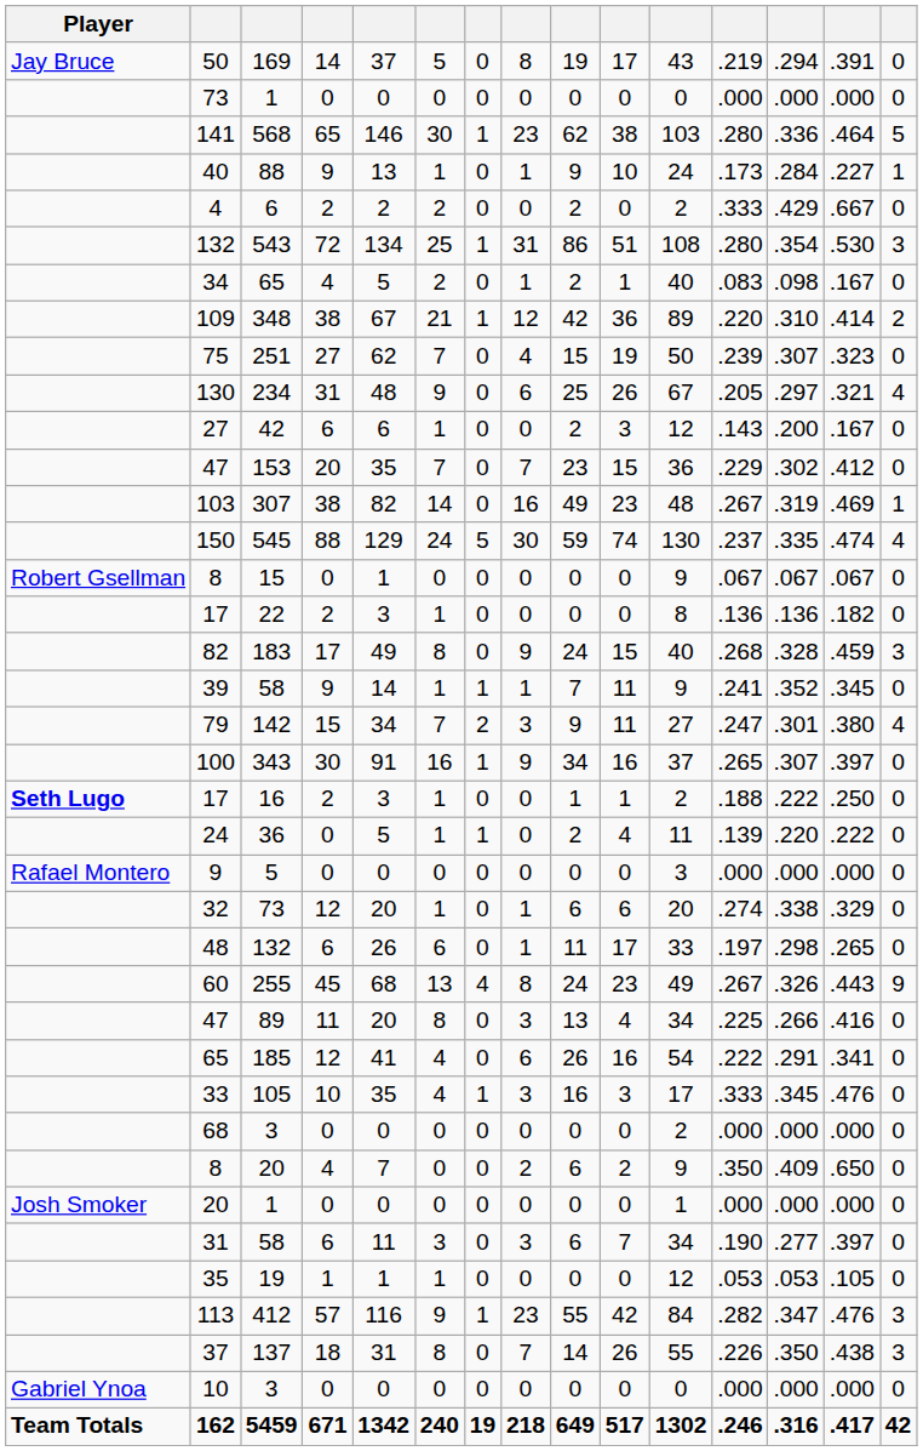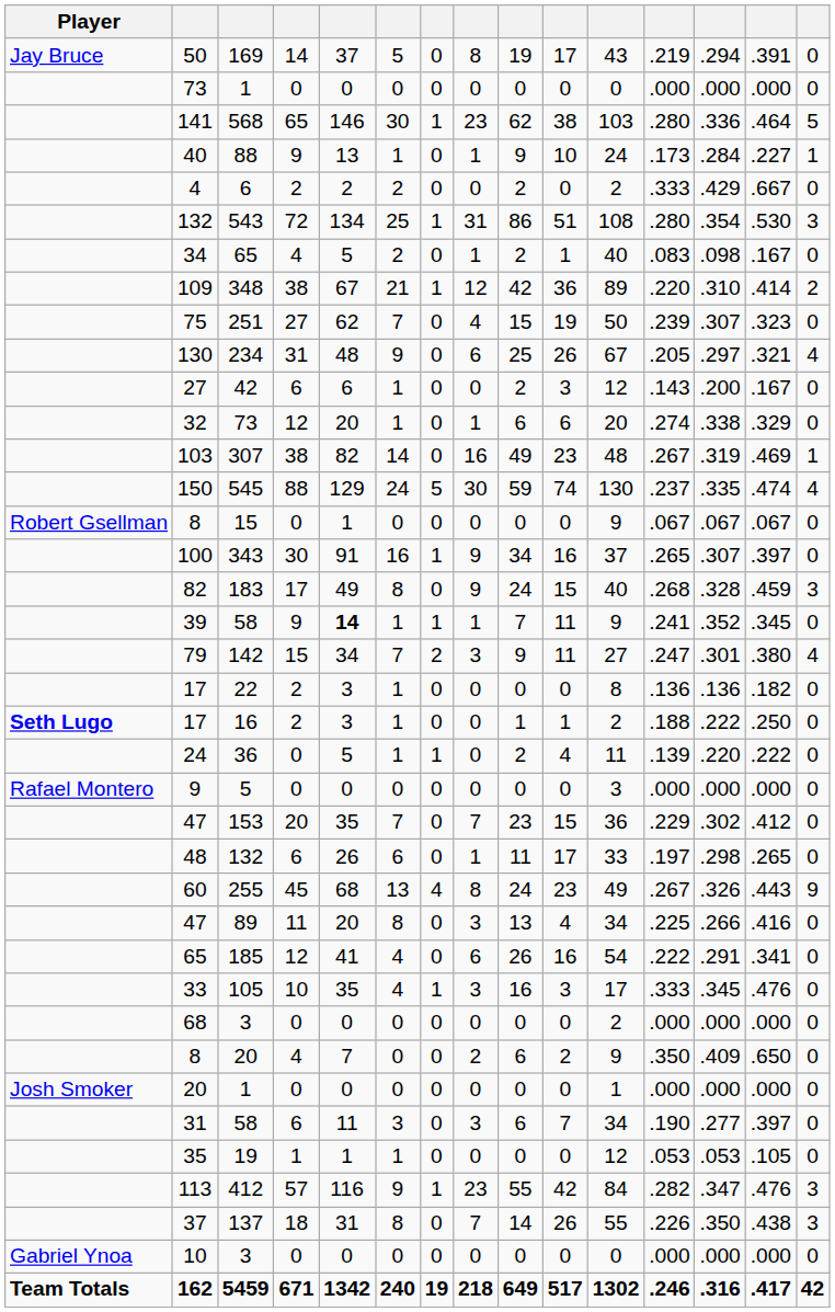 <table class="wikitable sortable" style="text-align:center;">
 <tr>
 <th>Player</th>
 <th></th>
 <th></th>
 <th></th>
 <th></th>
 <th></th>
 <th></th>
 <th></th>
 <th></th>
 <th></th>
 <th></th>
 <th></th>
 <th></th>
 <th></th>
 <th></th>
 </tr>
 <tr>
 <td align=left><a href='#'>Jay Bruce</a></td>
 <td>50</td>
 <td>169</td>
 <td>14</td>
 <td>37</td>
 <td>5</td>
 <td>0</td>
 <td>8</td>
 <td>19</td>
 <td>17</td>
 <td>43</td>
 <td>.219</td>
 <td>.294</td>
 <td>.391</td>
 <td>0</td>
 </tr>
 <tr>
 <td align=left></td>
 <td>73</td>
 <td>1</td>
 <td>0</td>
 <td>0</td>
 <td>0</td>
 <td>0</td>
 <td>0</td>
 <td>0</td>
 <td>0</td>
 <td>0</td>
 <td>.000</td>
 <td>.000</td>
 <td>.000</td>
 <td>0</td>
 </tr>
 <tr>
 <td align=left></td>
 <td>141</td>
 <td>568</td>
 <td>65</td>
 <td>146</td>
 <td>30</td>
 <td>1</td>
 <td>23</td>
 <td>62</td>
 <td>38</td>
 <td>103</td>
 <td>.280</td>
 <td>.336</td>
 <td>.464</td>
 <td>5</td>
 </tr>
 <tr>
 <td align=left></td>
 <td>40</td>
 <td>88</td>
 <td>9</td>
 <td>13</td>
 <td>1</td>
 <td>0</td>
 <td>1</td>
 <td>9</td>
 <td>10</td>
 <td>24</td>
 <td>.173</td>
 <td>.284</td>
 <td>.227</td>
 <td>1</td>
 </tr>
 <tr>
 <td align=left></td>
 <td>4</td>
 <td>6</td>
 <td>2</td>
 <td>2</td>
 <td>2</td>
 <td>0</td>
 <td>0</td>
 <td>2</td>
 <td>0</td>
 <td>2</td>
 <td>.333</td>
 <td>.429</td>
 <td>.667</td>
 <td>0</td>
 </tr>
 <tr>
 <td align=left></td>
 <td>132</td>
 <td>543</td>
 <td>72</td>
 <td>134</td>
 <td>25</td>
 <td>1</td>
 <td>31</td>
 <td>86</td>
 <td>51</td>
 <td>108</td>
 <td>.280</td>
 <td>.354</td>
 <td>.530</td>
 <td>3</td>
 </tr>
 <tr>
 <td align=left></td>
 <td>34</td>
 <td>65</td>
 <td>4</td>
 <td>5</td>
 <td>2</td>
 <td>0</td>
 <td>1</td>
 <td>2</td>
 <td>1</td>
 <td>40</td>
 <td>.083</td>
 <td>.098</td>
 <td>.167</td>
 <td>0</td>
 </tr>
 <tr>
 <td align=left><strong></strong></td>
 <td>109</td>
 <td>348</td>
 <td>38</td>
 <td>67</td>
 <td>21</td>
 <td>1</td>
 <td>12</td>
 <td>42</td>
 <td>36</td>
 <td>89</td>
 <td>.220</td>
 <td>.310</td>
 <td>.414</td>
 <td>2</td>
 </tr>
 <tr>
 <td align=left><strong></strong></td>
 <td>75</td>
 <td>251</td>
 <td>27</td>
 <td>62</td>
 <td>7</td>
 <td>0</td>
 <td>4</td>
 <td>15</td>
 <td>19</td>
 <td>50</td>
 <td>.239</td>
 <td>.307</td>
 <td>.323</td>
 <td>0</td>
 </tr>
 <tr>
 <td align=left></td>
 <td>130</td>
 <td>234</td>
 <td>31</td>
 <td>48</td>
 <td>9</td>
 <td>0</td>
 <td>6</td>
 <td>25</td>
 <td>26</td>
 <td>67</td>
 <td>.205</td>
 <td>.297</td>
 <td>.321</td>
 <td>4</td>
 </tr>
 <tr>
 <td align=left><strong></strong></td>
 <td>27</td>
 <td>42</td>
 <td>6</td>
 <td>6</td>
 <td>1</td>
 <td>0</td>
 <td>0</td>
 <td>2</td>
 <td>3</td>
 <td>12</td>
 <td>.143</td>
 <td>.200</td>
 <td>.167</td>
 <td>0</td>
 </tr>
 <tr>
-<td align=left></td>
-<td>47</td>
-<td>153</td>
+<td align=left><strong></strong></td>
+<td>32</td>
+<td>73</td>
+<td>12</td>
 <td>20</td>
-<td>35</td>
-<td>7</td>
+<td>1</td>
 <td>0</td>
-<td>7</td>
-<td>23</td>
-<td>15</td>
-<td>36</td>
-<td>.229</td>
-<td>.302</td>
-<td>.412</td>
+<td>1</td>
+<td>6</td>
+<td>6</td>
+<td>20</td>
+<td>.274</td>
+<td>.338</td>
+<td>.329</td>
 <td>0</td>
 </tr>
 <tr>
 <td align=left><strong></strong></td>
 <td>103</td>
 <td>307</td>
 <td>38</td>
 <td>82</td>
 <td>14</td>
 <td>0</td>
 <td>16</td>
 <td>49</td>
 <td>23</td>
 <td>48</td>
 <td>.267</td>
 <td>.319</td>
 <td>.469</td>
 <td>1</td>
 </tr>
 <tr>
 <td align=left></td>
 <td>150</td>
 <td>545</td>
 <td>88</td>
 <td>129</td>
 <td>24</td>
 <td>5</td>
 <td>30</td>
 <td>59</td>
 <td>74</td>
 <td>130</td>
 <td>.237</td>
 <td>.335</td>
 <td>.474</td>
 <td>4</td>
 </tr>
 <tr>
 <td align=left><a href='#'>Robert Gsellman</a></td>
 <td>8</td>
 <td>15</td>
 <td>0</td>
 <td>1</td>
 <td>0</td>
 <td>0</td>
 <td>0</td>
 <td>0</td>
 <td>0</td>
 <td>9</td>
 <td>.067</td>
 <td>.067</td>
 <td>.067</td>
 <td>0</td>
 </tr>
 <tr>
 <td align=left></td>
-<td>17</td>
-<td>22</td>
-<td>2</td>
-<td>3</td>
+<td>100</td>
+<td>343</td>
+<td>30</td>
+<td>91</td>
+<td>16</td>
 <td>1</td>
-<td>0</td>
-<td>0</td>
-<td>0</td>
-<td>0</td>
-<td>8</td>
-<td>.136</td>
-<td>.136</td>
-<td>.182</td>
+<td>9</td>
+<td>34</td>
+<td>16</td>
+<td>37</td>
+<td>.265</td>
+<td>.307</td>
+<td>.397</td>
 <td>0</td>
 </tr>
 <tr>
 <td align=left></td>
 <td>82</td>
 <td>183</td>
 <td>17</td>
 <td>49</td>
 <td>8</td>
 <td>0</td>
 <td>9</td>
 <td>24</td>
 <td>15</td>
 <td>40</td>
 <td>.268</td>
 <td>.328</td>
 <td>.459</td>
 <td>3</td>
 </tr>
 <tr>
 <td align=left></td>
 <td>39</td>
 <td>58</td>
 <td>9</td>
-<td>14</td>
+<td><strong>14</strong></td>
 <td>1</td>
 <td>1</td>
 <td>1</td>
 <td>7</td>
 <td>11</td>
 <td>9</td>
 <td>.241</td>
 <td>.352</td>
 <td>.345</td>
 <td>0</td>
 </tr>
 <tr>
 <td align=left><strong></strong></td>
 <td>79</td>
 <td>142</td>
 <td>15</td>
 <td>34</td>
 <td>7</td>
 <td>2</td>
 <td>3</td>
 <td>9</td>
 <td>11</td>
 <td>27</td>
 <td>.247</td>
 <td>.301</td>
 <td>.380</td>
 <td>4</td>
 </tr>
 <tr>
 <td align=left></td>
-<td>100</td>
-<td>343</td>
-<td>30</td>
-<td>91</td>
-<td>16</td>
+<td>17</td>
+<td>22</td>
+<td>2</td>
+<td>3</td>
 <td>1</td>
-<td>9</td>
-<td>34</td>
-<td>16</td>
-<td>37</td>
-<td>.265</td>
-<td>.307</td>
-<td>.397</td>
+<td>0</td>
+<td>0</td>
+<td>0</td>
+<td>0</td>
+<td>8</td>
+<td>.136</td>
+<td>.136</td>
+<td>.182</td>
 <td>0</td>
 </tr>
 <tr>
 <td align=left><strong><a href='#'>Seth Lugo</a></strong></td>
 <td>17</td>
 <td>16</td>
 <td>2</td>
 <td>3</td>
 <td>1</td>
 <td>0</td>
 <td>0</td>
 <td>1</td>
 <td>1</td>
 <td>2</td>
 <td>.188</td>
 <td>.222</td>
 <td>.250</td>
 <td>0</td>
 </tr>
 <tr>
 <td align=left><strong></strong></td>
 <td>24</td>
 <td>36</td>
 <td>0</td>
 <td>5</td>
 <td>1</td>
 <td>1</td>
 <td>0</td>
 <td>2</td>
 <td>4</td>
 <td>11</td>
 <td>.139</td>
 <td>.220</td>
 <td>.222</td>
 <td>0</td>
 </tr>
 <tr>
 <td align=left><a href='#'>Rafael Montero</a></td>
 <td>9</td>
 <td>5</td>
 <td>0</td>
 <td>0</td>
 <td>0</td>
 <td>0</td>
 <td>0</td>
 <td>0</td>
 <td>0</td>
 <td>3</td>
 <td>.000</td>
 <td>.000</td>
 <td>.000</td>
 <td>0</td>
 </tr>
 <tr>
-<td align=left><strong></strong></td>
-<td>32</td>
-<td>73</td>
-<td>12</td>
+<td align=left></td>
+<td>47</td>
+<td>153</td>
 <td>20</td>
-<td>1</td>
+<td>35</td>
+<td>7</td>
 <td>0</td>
-<td>1</td>
-<td>6</td>
-<td>6</td>
-<td>20</td>
-<td>.274</td>
-<td>.338</td>
-<td>.329</td>
+<td>7</td>
+<td>23</td>
+<td>15</td>
+<td>36</td>
+<td>.229</td>
+<td>.302</td>
+<td>.412</td>
 <td>0</td>
 </tr>
 <tr>
 <td align=left><strong></strong></td>
 <td>48</td>
 <td>132</td>
 <td>6</td>
 <td>26</td>
 <td>6</td>
 <td>0</td>
 <td>1</td>
 <td>11</td>
 <td>17</td>
 <td>33</td>
 <td>.197</td>
 <td>.298</td>
 <td>.265</td>
 <td>0</td>
 </tr>
 <tr>
 <td align=left></td>
 <td>60</td>
 <td>255</td>
 <td>45</td>
 <td>68</td>
 <td>13</td>
 <td>4</td>
 <td>8</td>
 <td>24</td>
 <td>23</td>
 <td>49</td>
 <td>.267</td>
 <td>.326</td>
 <td>.443</td>
 <td>9</td>
 </tr>
 <tr>
 <td align=left></td>
 <td>47</td>
 <td>89</td>
 <td>11</td>
 <td>20</td>
 <td>8</td>
 <td>0</td>
 <td>3</td>
 <td>13</td>
 <td>4</td>
 <td>34</td>
 <td>.225</td>
 <td>.266</td>
 <td>.416</td>
 <td>0</td>
 </tr>
 <tr>
 <td align=left></td>
 <td>65</td>
 <td>185</td>
 <td>12</td>
 <td>41</td>
 <td>4</td>
 <td>0</td>
 <td>6</td>
 <td>26</td>
 <td>16</td>
 <td>54</td>
 <td>.222</td>
 <td>.291</td>
 <td>.341</td>
 <td>0</td>
 </tr>
 <tr>
 <td align=left></td>
 <td>33</td>
 <td>105</td>
 <td>10</td>
 <td>35</td>
 <td>4</td>
 <td>1</td>
 <td>3</td>
 <td>16</td>
 <td>3</td>
 <td>17</td>
 <td>.333</td>
 <td>.345</td>
 <td>.476</td>
 <td>0</td>
 </tr>
 <tr>
 <td align=left></td>
 <td>68</td>
 <td>3</td>
 <td>0</td>
 <td>0</td>
 <td>0</td>
 <td>0</td>
 <td>0</td>
 <td>0</td>
 <td>0</td>
 <td>2</td>
 <td>.000</td>
 <td>.000</td>
 <td>.000</td>
 <td>0</td>
 </tr>
 <tr>
 <td align=left></td>
 <td>8</td>
 <td>20</td>
 <td>4</td>
 <td>7</td>
 <td>0</td>
 <td>0</td>
 <td>2</td>
 <td>6</td>
 <td>2</td>
 <td>9</td>
 <td>.350</td>
 <td>.409</td>
 <td>.650</td>
 <td>0</td>
 </tr>
 <tr>
 <td align=left><a href='#'>Josh Smoker</a></td>
 <td>20</td>
 <td>1</td>
 <td>0</td>
 <td>0</td>
 <td>0</td>
 <td>0</td>
 <td>0</td>
 <td>0</td>
 <td>0</td>
 <td>1</td>
 <td>.000</td>
 <td>.000</td>
 <td>.000</td>
 <td>0</td>
 </tr>
 <tr>
 <td align=left><strong></strong></td>
 <td>31</td>
 <td>58</td>
 <td>6</td>
 <td>11</td>
 <td>3</td>
 <td>0</td>
 <td>3</td>
 <td>6</td>
 <td>7</td>
 <td>34</td>
 <td>.190</td>
 <td>.277</td>
 <td>.397</td>
 <td>0</td>
 </tr>
 <tr>
 <td align=left></td>
 <td>35</td>
 <td>19</td>
 <td>1</td>
 <td>1</td>
 <td>1</td>
 <td>0</td>
 <td>0</td>
 <td>0</td>
 <td>0</td>
 <td>12</td>
 <td>.053</td>
 <td>.053</td>
 <td>.105</td>
 <td>0</td>
 </tr>
 <tr>
 <td align=left></td>
 <td>113</td>
 <td>412</td>
 <td>57</td>
 <td>116</td>
 <td>9</td>
 <td>1</td>
 <td>23</td>
 <td>55</td>
 <td>42</td>
 <td>84</td>
 <td>.282</td>
 <td>.347</td>
 <td>.476</td>
 <td>3</td>
 </tr>
 <tr>
 <td align=left></td>
 <td>37</td>
 <td>137</td>
 <td>18</td>
 <td>31</td>
 <td>8</td>
 <td>0</td>
 <td>7</td>
 <td>14</td>
 <td>26</td>
 <td>55</td>
 <td>.226</td>
 <td>.350</td>
 <td>.438</td>
 <td>3</td>
 </tr>
 <tr>
 <td align=left><a href='#'>Gabriel Ynoa</a></td>
 <td>10</td>
 <td>3</td>
 <td>0</td>
 <td>0</td>
 <td>0</td>
 <td>0</td>
 <td>0</td>
 <td>0</td>
 <td>0</td>
 <td>0</td>
 <td>.000</td>
 <td>.000</td>
 <td>.000</td>
 <td>0</td>
 </tr>
 <tr>
 <td align=left><strong>Team Totals</strong></td>
 <td><strong>162</strong></td>
 <td><strong>5459</strong></td>
 <td><strong>671</strong></td>
 <td><strong>1342</strong></td>
 <td><strong>240</strong></td>
 <td><strong>19</strong></td>
 <td><strong>218</strong></td>
 <td><strong>649</strong></td>
 <td><strong>517</strong></td>
 <td><strong>1302</strong></td>
 <td><strong>.246</strong></td>
 <td><strong>.316</strong></td>
 <td><strong>.417</strong></td>
 <td><strong>42</strong></td>
 </tr>
 <tr class="sortbottom|}">
 </tr>
 </table>
